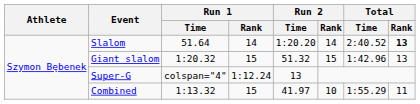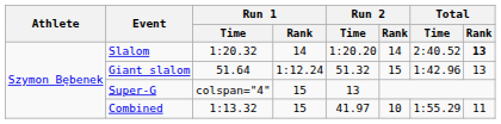 <table class="wikitable" style="font-size:90%">
 <tr>
 <th rowspan=2>Athlete</th>
 <th rowspan=2>Event</th>
 <th colspan=2>Run 1</th>
 <th colspan=2>Run 2</th>
 <th colspan=2>Total</th>
 </tr>
 <tr style="font-size:95%">
 <th>Time</th>
 <th>Rank</th>
 <th>Time</th>
 <th>Rank</th>
 <th>Time</th>
 <th>Rank</th>
 </tr>
 <tr align=center>
 <td align="left" rowspan="4"><a href='#'>Szymon Bębenek</a></td>
 <td align="left"><a href='#'>Slalom</a></td>
-<td>51.64</td>
+<td>1:20.32</td>
 <td>14</td>
 <td>1:20.20</td>
 <td>14</td>
 <td>2:40.52</td>
 <td><strong>13</strong></td>
 </tr>
 <tr align=center>
 <td align="left"><a href='#'>Giant slalom</a></td>
-<td>1:20.32</td>
-<td>15</td>
+<td>51.64</td>
+<td>1:12.24</td>
 <td>51.32</td>
 <td>15</td>
 <td>1:42.96</td>
 <td>13</td>
 </tr>
 <tr align=center>
 <td align="left"><a href='#'>Super-G</a></td>
 <td>colspan="4" </td>
-<td>1:12.24</td>
+<td>15</td>
 <td>13</td>
 </tr>
 <tr align=center>
 <td align="left"><a href='#'>Combined</a></td>
 <td>1:13.32</td>
 <td>15</td>
 <td>41.97</td>
 <td>10</td>
 <td>1:55.29</td>
 <td>11</td>
 </tr>
 </table>
